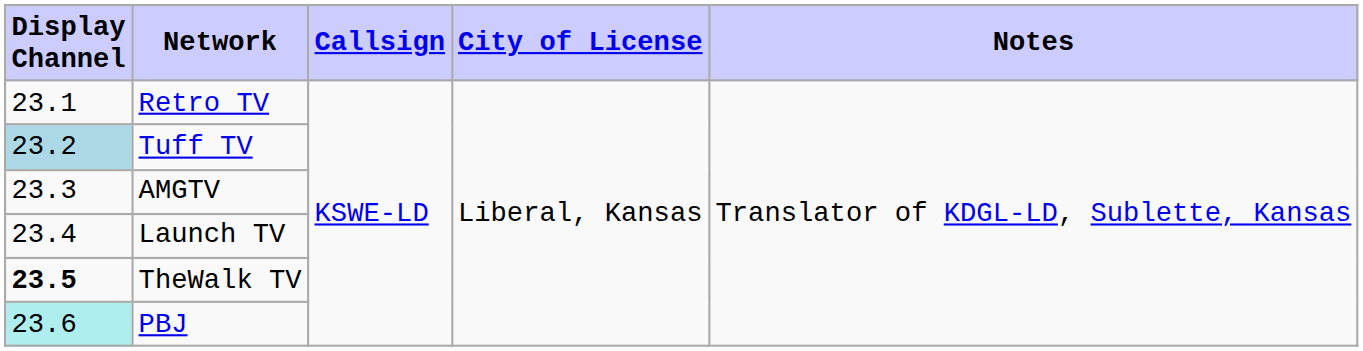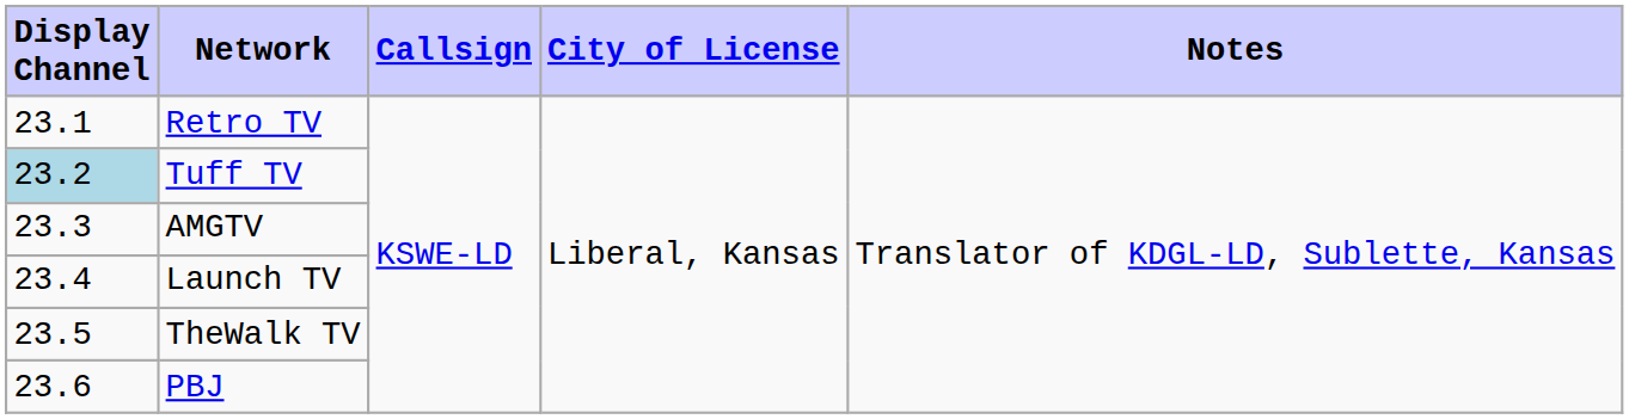 <table class="wikitable">
 <tr>
 <th style="background:#ccf;"><strong>Display<br>Channel</strong></th>
 <th style="background:#ccf;"><strong>Network</strong></th>
 <th style="background:#ccf;"><strong><a href='#'>Callsign</a></strong></th>
 <th style="background:#ccf;"><strong><a href='#'>City of License</a></strong></th>
 <th style="background:#ccf;"><strong>Notes</strong></th>
 </tr>
 <tr>
 <td rowspan=1>23.1</td>
 <td rowspan=1><a href='#'>Retro TV</a></td>
 <td rowspan=6><a href='#'>KSWE-LD</a></td>
 <td rowspan=6>Liberal, Kansas</td>
 <td rowspan=6>Translator of <a href='#'>KDGL-LD</a>, <a href='#'>Sublette, Kansas</a></td>
 </tr>
 <tr>
 <td style="background: lightblue;">23.2</td>
 <td><a href='#'>Tuff TV</a></td>
 </tr>
 <tr>
 <td>23.3</td>
 <td>AMGTV</td>
 </tr>
 <tr>
 <td>23.4</td>
 <td>Launch TV</td>
 </tr>
 <tr>
-<td><strong>23.5</strong></td>
+<td>23.5</td>
 <td>TheWalk TV</td>
 </tr>
 <tr>
-<td style="background: paleturquoise;">23.6</td>
+<td>23.6</td>
 <td><a href='#'>PBJ</a></td>
 </tr>
 </table>
